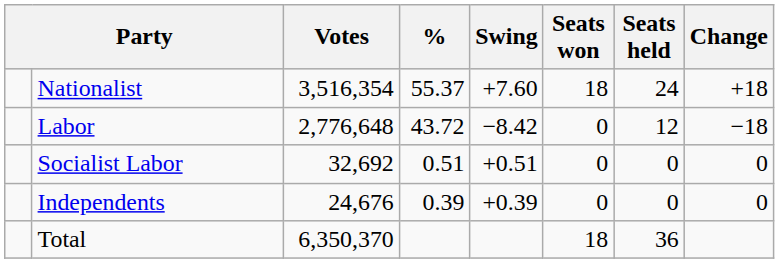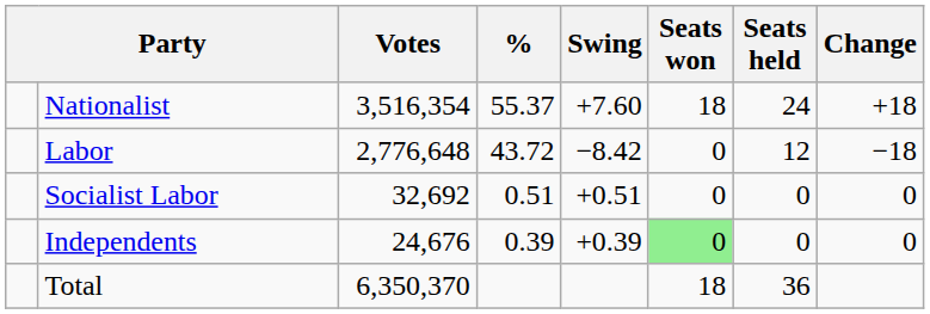 <table class="wikitable">
 <tr>
 <th colspan=2 style="width:180px">Party</th>
 <th style="width:70px">Votes</th>
 <th style="width:40px">%</th>
 <th style="width:40px">Swing</th>
 <th style="width:40px">Seats won</th>
 <th style="width:40px">Seats held</th>
 <th style="width:40px">Change</th>
 </tr>
 <tr>
 <td> </td>
 <td><a href='#'>Nationalist</a></td>
 <td align=right>3,516,354</td>
 <td align=right>55.37</td>
 <td align=right>+7.60</td>
 <td align=right>18</td>
 <td align=right>24</td>
 <td align=right>+18</td>
 </tr>
 <tr>
 <td> </td>
 <td><a href='#'>Labor</a></td>
 <td align=right>2,776,648</td>
 <td align=right>43.72</td>
 <td align=right>−8.42</td>
 <td align=right>0</td>
 <td align=right>12</td>
 <td align=right>−18</td>
 </tr>
 <tr>
 <td> </td>
 <td><a href='#'>Socialist Labor</a></td>
 <td align=right>32,692</td>
 <td align=right>0.51</td>
 <td align=right>+0.51</td>
 <td align=right>0</td>
 <td align=right>0</td>
 <td align=right>0</td>
 </tr>
 <tr>
 <td> </td>
 <td><a href='#'>Independents</a></td>
 <td align=right>24,676</td>
 <td align=right>0.39</td>
 <td align=right>+0.39</td>
-<td align=right>0</td>
+<td align=right style="background: lightgreen;">0</td>
 <td align=right>0</td>
 <td align=right>0</td>
 </tr>
 <tr>
 <td> </td>
 <td>Total</td>
 <td align=right>6,350,370</td>
 <td align=right> </td>
 <td align=right> </td>
 <td align=right>18</td>
 <td align=right>36</td>
 <td align=right></td>
 </tr>
 </table>
